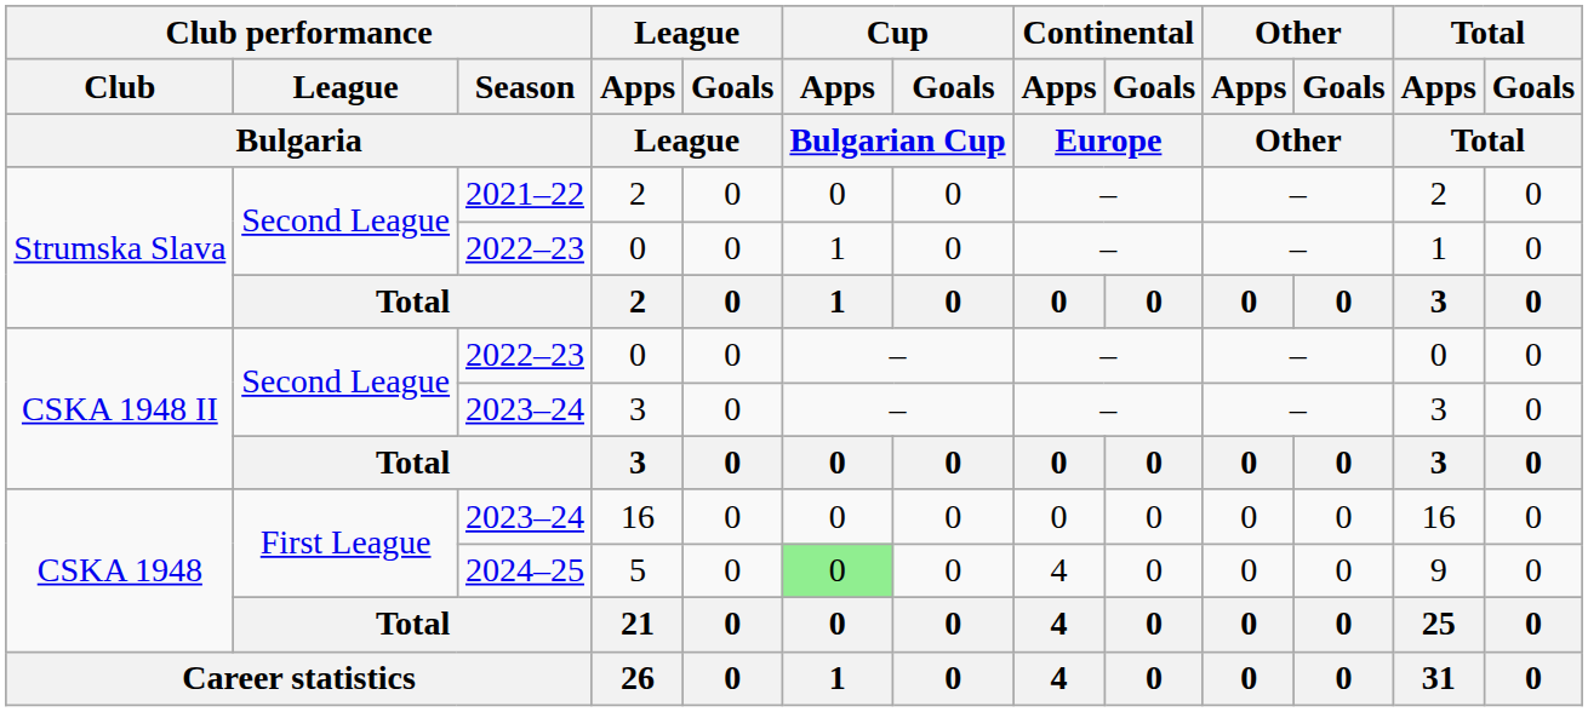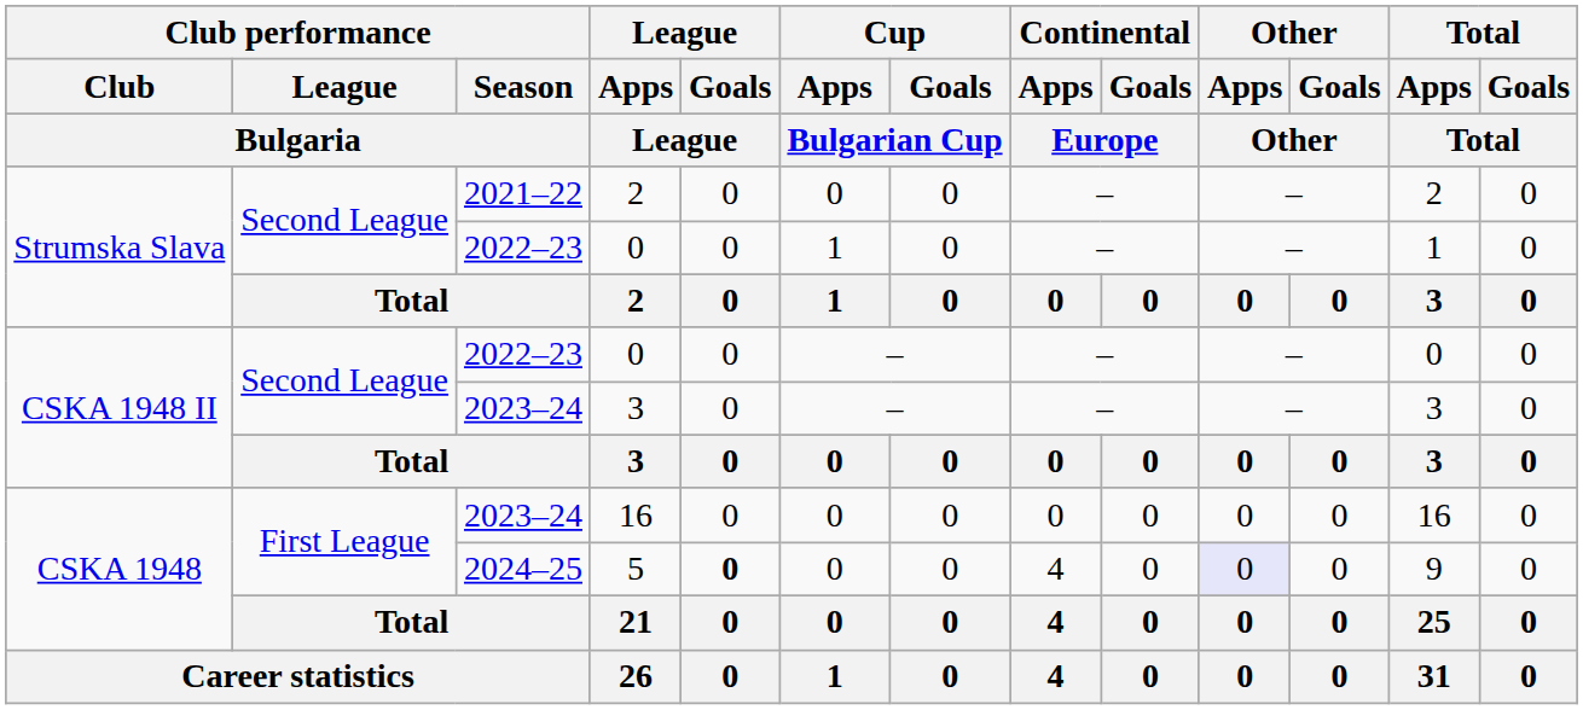 <table class="wikitable" style="text-align: center">
 <tr>
 <th colspan="3">Club performance</th>
 <th colspan="2">League</th>
 <th colspan="2">Cup</th>
 <th colspan="2">Continental</th>
 <th colspan="2">Other</th>
 <th colspan="3">Total</th>
 </tr>
 <tr>
 <th>Club</th>
 <th>League</th>
 <th>Season</th>
 <th>Apps</th>
 <th>Goals</th>
 <th>Apps</th>
 <th>Goals</th>
 <th>Apps</th>
 <th>Goals</th>
 <th>Apps</th>
 <th>Goals</th>
 <th>Apps</th>
 <th>Goals</th>
 </tr>
 <tr>
 <th colspan="3">Bulgaria</th>
 <th colspan="2">League</th>
 <th colspan="2"><a href='#'>Bulgarian Cup</a></th>
 <th colspan="2"><a href='#'>Europe</a></th>
 <th colspan="2">Other</th>
 <th colspan="2">Total</th>
 </tr>
 <tr>
 <td rowspan="3" valign="center"><a href='#'>Strumska Slava</a></td>
 <td rowspan="2"><a href='#'>Second League</a></td>
 <td><a href='#'>2021–22</a></td>
 <td>2</td>
 <td>0</td>
 <td>0</td>
 <td>0</td>
 <td colspan="2">–</td>
 <td colspan="2">–</td>
 <td>2</td>
 <td>0</td>
 </tr>
 <tr>
 <td><a href='#'>2022–23</a></td>
 <td>0</td>
 <td>0</td>
 <td>1</td>
 <td>0</td>
 <td colspan="2">–</td>
 <td colspan="2">–</td>
 <td>1</td>
 <td>0</td>
 </tr>
 <tr>
 <th colspan=2>Total</th>
 <th>2</th>
 <th>0</th>
 <th>1</th>
 <th>0</th>
 <th>0</th>
 <th>0</th>
 <th>0</th>
 <th>0</th>
 <th>3</th>
 <th>0</th>
 </tr>
 <tr>
 <td rowspan="3" valign="center"><a href='#'>CSKA 1948 II</a></td>
 <td rowspan="2"><a href='#'>Second League</a></td>
 <td><a href='#'>2022–23</a></td>
 <td>0</td>
 <td>0</td>
 <td colspan="2">–</td>
 <td colspan="2">–</td>
 <td colspan="2">–</td>
 <td>0</td>
 <td>0</td>
 </tr>
 <tr>
 <td><a href='#'>2023–24</a></td>
 <td>3</td>
 <td>0</td>
 <td colspan="2">–</td>
 <td colspan="2">–</td>
 <td colspan="2">–</td>
 <td>3</td>
 <td>0</td>
 </tr>
 <tr>
 <th colspan=2>Total</th>
 <th>3</th>
 <th>0</th>
 <th>0</th>
 <th>0</th>
 <th>0</th>
 <th>0</th>
 <th>0</th>
 <th>0</th>
 <th>3</th>
 <th>0</th>
 </tr>
 <tr>
 <td rowspan="3" valign="center"><a href='#'>CSKA 1948</a></td>
 <td rowspan="2"><a href='#'>First League</a></td>
 <td><a href='#'>2023–24</a></td>
 <td>16</td>
 <td>0</td>
 <td>0</td>
 <td>0</td>
 <td>0</td>
 <td>0</td>
 <td>0</td>
 <td>0</td>
 <td>16</td>
 <td>0</td>
 </tr>
 <tr>
 <td><a href='#'>2024–25</a></td>
 <td>5</td>
+<td><strong>0</strong></td>
 <td>0</td>
-<td style="background: lightgreen;">0</td>
 <td>0</td>
 <td>4</td>
 <td>0</td>
-<td>0</td>
+<td style="background: lavender;">0</td>
 <td>0</td>
 <td>9</td>
 <td>0</td>
 </tr>
 <tr>
 <th colspan=2>Total</th>
 <th>21</th>
 <th>0</th>
 <th>0</th>
 <th>0</th>
 <th>4</th>
 <th>0</th>
 <th>0</th>
 <th>0</th>
 <th>25</th>
 <th>0</th>
 </tr>
 <tr>
 <th colspan="3">Career statistics</th>
 <th>26</th>
 <th>0</th>
 <th>1</th>
 <th>0</th>
 <th>4</th>
 <th>0</th>
 <th>0</th>
 <th>0</th>
 <th>31</th>
 <th>0</th>
 </tr>
 </table>
